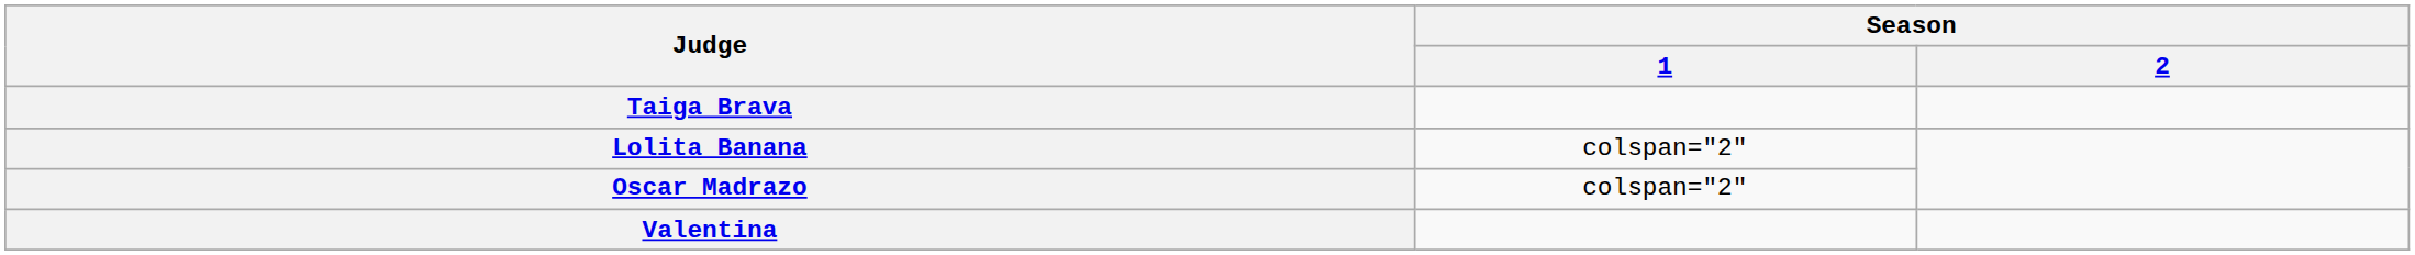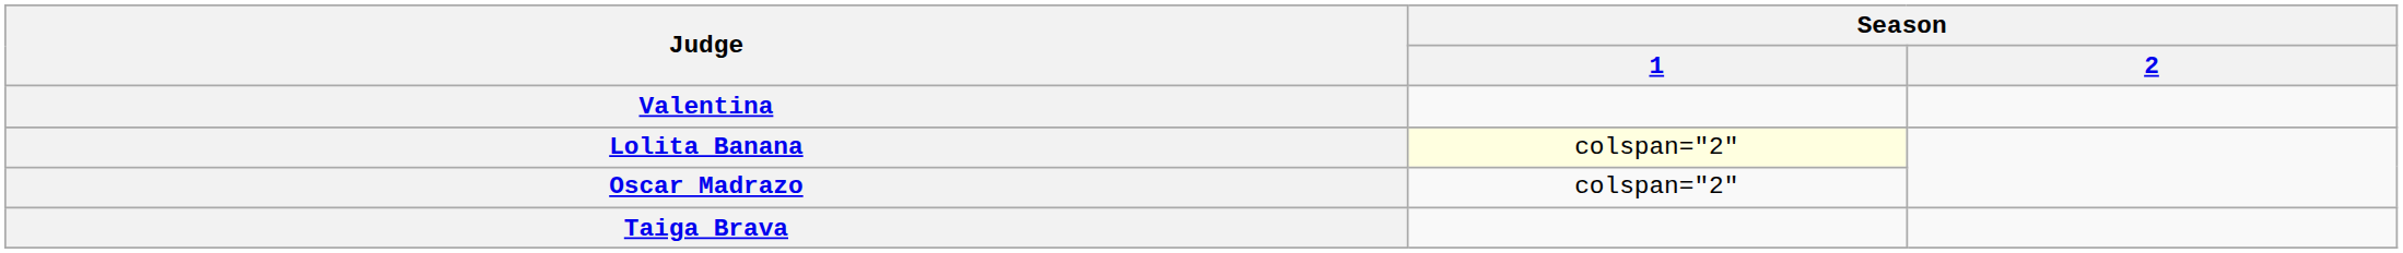 <table class="wikitable plainrowheaders" style="text-align:center">
 <tr>
 <th rowspan="2" scope="col" style="width:20%;">Judge</th>
 <th colspan="2">Season</th>
 </tr>
 <tr>
 <th scope="colspan" style="width:7%;"><a href='#'>1</a></th>
 <th scope="colspan" style="width:7%;"><a href='#'>2</a></th>
 </tr>
 <tr>
-<th scope="row" style="text-align: center;"><a href='#'>Taiga Brava</a></th>
+<th scope="row" style="text-align: center;"><a href='#'>Valentina</a></th>
 <td></td>
 <td></td>
 </tr>
 <tr>
 <th scope="row" style="text-align: center;"><a href='#'>Lolita Banana</a></th>
-<td>colspan="2" </td>
+<td style="background: lightyellow;">colspan="2" </td>
 </tr>
 <tr>
 <th scope="row" style="text-align: center;"><a href='#'>Oscar Madrazo</a></th>
 <td>colspan="2" </td>
 </tr>
 <tr>
-<th scope="row" style="text-align: center;"><a href='#'>Valentina</a></th>
+<th scope="row" style="text-align: center;"><a href='#'>Taiga Brava</a></th>
 <td></td>
 <td></td>
 </tr>
 </table>
